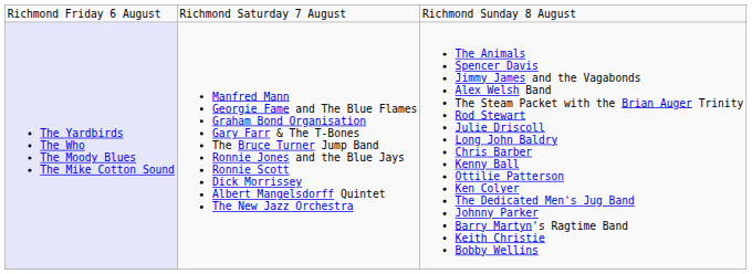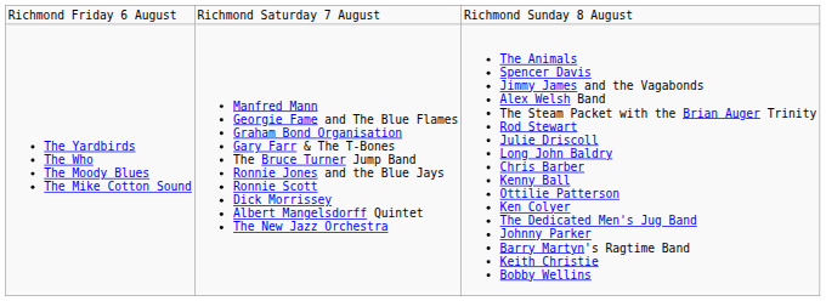 <table class="wikitable">
 <tr>
 <td>Richmond Friday 6 August</td>
 <td>Richmond Saturday 7 August</td>
 <td>Richmond Sunday 8 August</td>
 </tr>
 <tr>
-<td style="background: lavender;"><br><ul><li><a href='#'>The Yardbirds</a></li><li><a href='#'>The Who</a></li><li><a href='#'>The Moody Blues</a></li><li><a href='#'>The Mike Cotton Sound</a></li></ul></td>
+<td><br><ul><li><a href='#'>The Yardbirds</a></li><li><a href='#'>The Who</a></li><li><a href='#'>The Moody Blues</a></li><li><a href='#'>The Mike Cotton Sound</a></li></ul></td>
 <td><br><ul><li><a href='#'>Manfred Mann</a></li><li><a href='#'>Georgie Fame</a> and The Blue Flames</li><li><a href='#'>Graham Bond Organisation</a></li><li><a href='#'>Gary Farr</a> & The T-Bones</li><li>The <a href='#'>Bruce Turner</a> Jump Band</li><li><a href='#'>Ronnie Jones</a> and the Blue Jays</li><li><a href='#'>Ronnie Scott</a></li><li><a href='#'>Dick Morrissey</a></li><li><a href='#'>Albert Mangelsdorff</a> Quintet</li><li><a href='#'>The New Jazz Orchestra</a></li></ul></td>
 <td><br><ul><li><a href='#'>The Animals</a></li><li><a href='#'>Spencer Davis</a></li><li><a href='#'>Jimmy James</a> and the Vagabonds</li><li><a href='#'>Alex Welsh</a> Band</li><li>The Steam Packet with the <a href='#'>Brian Auger</a> Trinity</li><li><a href='#'>Rod Stewart</a></li><li><a href='#'>Julie Driscoll</a></li><li><a href='#'>Long John Baldry</a></li><li><a href='#'>Chris Barber</a></li><li><a href='#'>Kenny Ball</a></li><li><a href='#'>Ottilie Patterson</a></li><li><a href='#'>Ken Colyer</a></li><li><a href='#'>The Dedicated Men's Jug Band</a></li><li><a href='#'>Johnny Parker</a></li><li><a href='#'>Barry Martyn</a>'s Ragtime Band</li><li><a href='#'>Keith Christie</a></li><li><a href='#'>Bobby Wellins</a></li></ul></td>
 </tr>
 </table>
